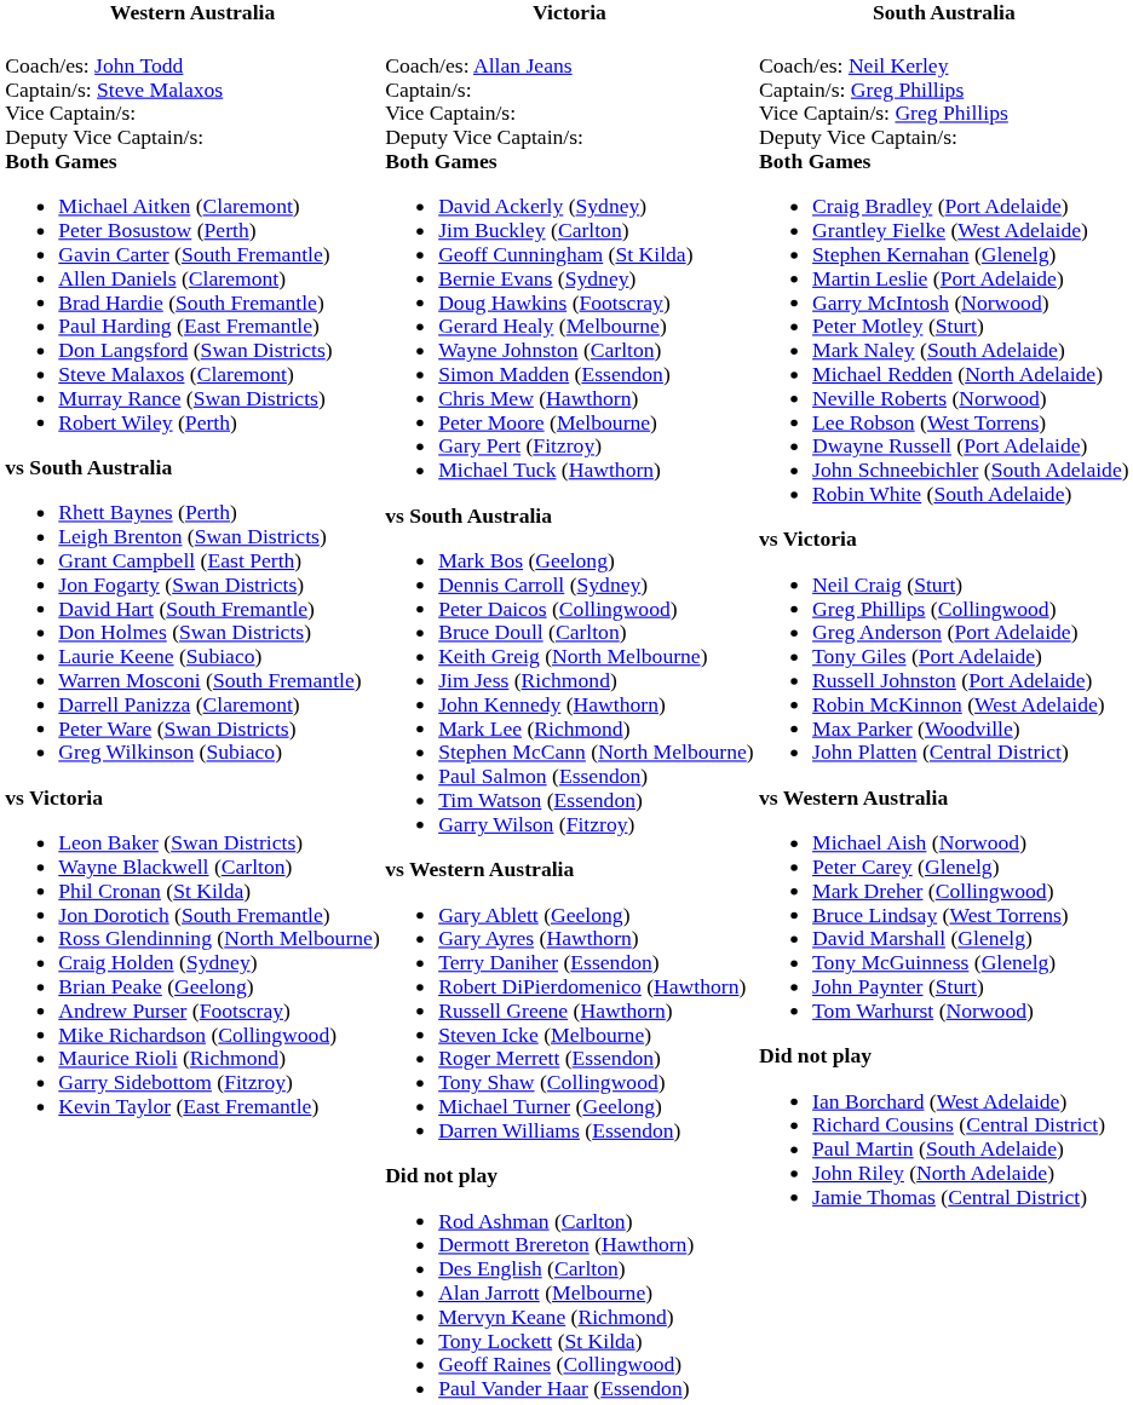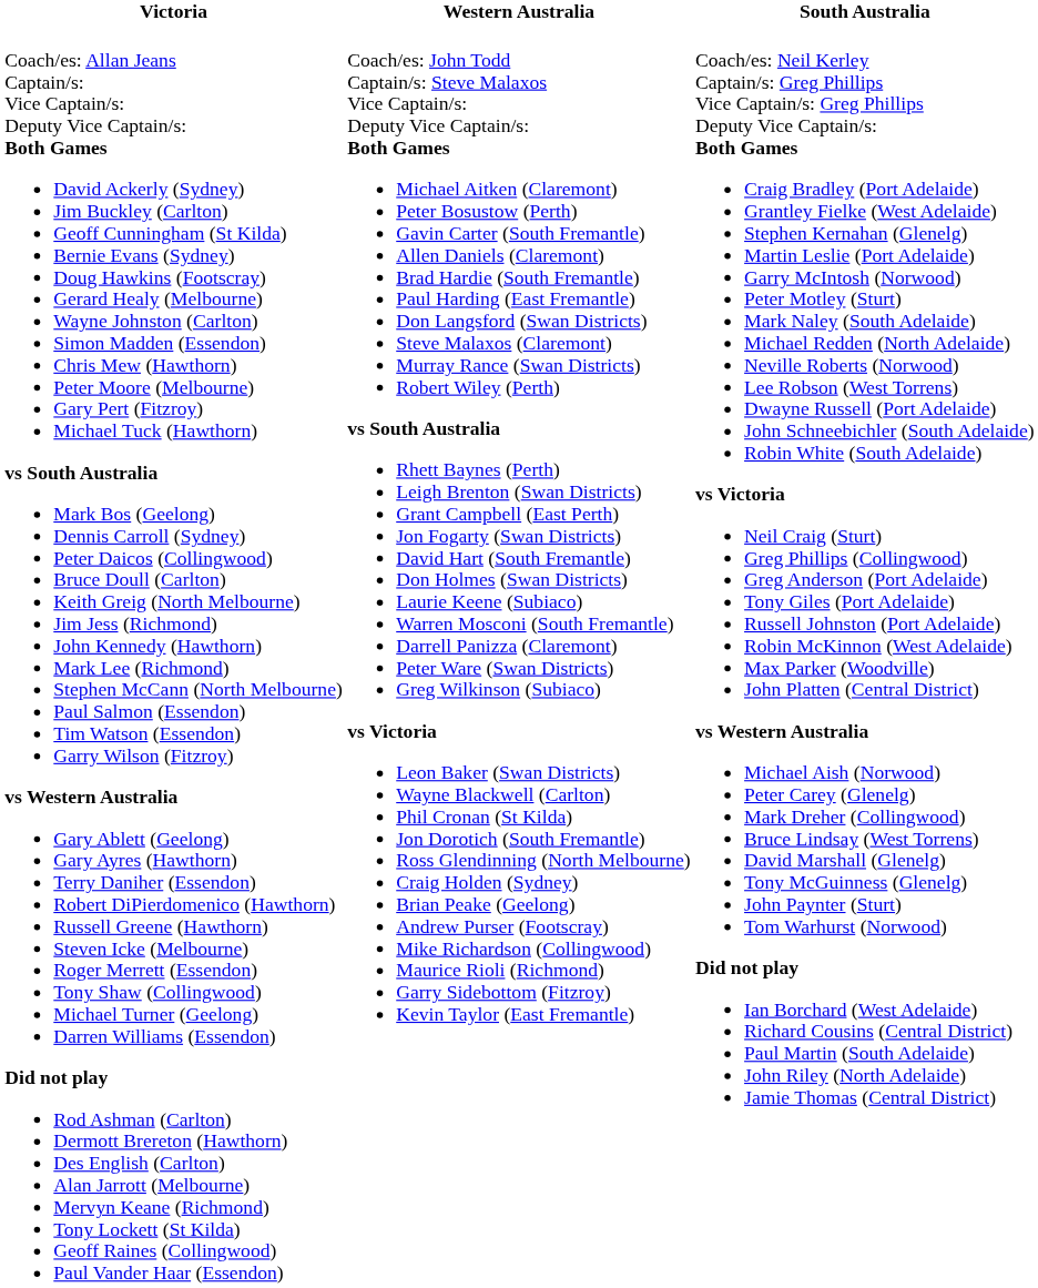 <table>
 <tr>
+<th><span>Victoria </span></th>
 <th><span>Western Australia </span></th>
-<th><span>Victoria </span></th>
 <th><span>South Australia </span></th>
 </tr>
 <tr valign="top">
+<td><br>Coach/es: <a href='#'>Allan Jeans</a> <br> Captain/s: <br> Vice Captain/s: <br> Deputy Vice Captain/s: <br> <strong>Both Games</strong><ul><li><a href='#'>David Ackerly</a> (<a href='#'>Sydney</a>)</li><li><a href='#'>Jim Buckley</a> (<a href='#'>Carlton</a>)</li><li><a href='#'>Geoff Cunningham</a> (<a href='#'>St Kilda</a>)</li><li><a href='#'>Bernie Evans</a> (<a href='#'>Sydney</a>)</li><li><a href='#'>Doug Hawkins</a> (<a href='#'>Footscray</a>)</li><li><a href='#'>Gerard Healy</a> (<a href='#'>Melbourne</a>)</li><li><a href='#'>Wayne Johnston</a> (<a href='#'>Carlton</a>)</li><li><a href='#'>Simon Madden</a> (<a href='#'>Essendon</a>)</li><li><a href='#'>Chris Mew</a> (<a href='#'>Hawthorn</a>)</li><li><a href='#'>Peter Moore</a> (<a href='#'>Melbourne</a>)</li><li><a href='#'>Gary Pert</a> (<a href='#'>Fitzroy</a>)</li><li><a href='#'>Michael Tuck</a> (<a href='#'>Hawthorn</a>)</li></ul><strong>vs South Australia</strong><ul><li><a href='#'>Mark Bos</a> (<a href='#'>Geelong</a>)</li><li><a href='#'>Dennis Carroll</a> (<a href='#'>Sydney</a>)</li><li><a href='#'>Peter Daicos</a> (<a href='#'>Collingwood</a>)</li><li><a href='#'>Bruce Doull</a> (<a href='#'>Carlton</a>)</li><li><a href='#'>Keith Greig</a> (<a href='#'>North Melbourne</a>)</li><li><a href='#'>Jim Jess</a> (<a href='#'>Richmond</a>)</li><li><a href='#'>John Kennedy</a> (<a href='#'>Hawthorn</a>)</li><li><a href='#'>Mark Lee</a> (<a href='#'>Richmond</a>)</li><li><a href='#'>Stephen McCann</a> (<a href='#'>North Melbourne</a>)</li><li><a href='#'>Paul Salmon</a> (<a href='#'>Essendon</a>)</li><li><a href='#'>Tim Watson</a> (<a href='#'>Essendon</a>)</li><li><a href='#'>Garry Wilson</a> (<a href='#'>Fitzroy</a>)</li></ul><strong>vs Western Australia</strong><ul><li><a href='#'>Gary Ablett</a> (<a href='#'>Geelong</a>)</li><li><a href='#'>Gary Ayres</a> (<a href='#'>Hawthorn</a>)</li><li><a href='#'>Terry Daniher</a> (<a href='#'>Essendon</a>)</li><li><a href='#'>Robert DiPierdomenico</a> (<a href='#'>Hawthorn</a>)</li><li><a href='#'>Russell Greene</a> (<a href='#'>Hawthorn</a>)</li><li><a href='#'>Steven Icke</a> (<a href='#'>Melbourne</a>)</li><li><a href='#'>Roger Merrett</a> (<a href='#'>Essendon</a>)</li><li><a href='#'>Tony Shaw</a> (<a href='#'>Collingwood</a>)</li><li><a href='#'>Michael Turner</a> (<a href='#'>Geelong</a>)</li><li><a href='#'>Darren Williams</a> (<a href='#'>Essendon</a>)</li></ul><strong>Did not play</strong><ul><li><a href='#'>Rod Ashman</a> (<a href='#'>Carlton</a>)</li><li><a href='#'>Dermott Brereton</a> (<a href='#'>Hawthorn</a>)</li><li><a href='#'>Des English</a> (<a href='#'>Carlton</a>)</li><li><a href='#'>Alan Jarrott</a> (<a href='#'>Melbourne</a>)</li><li><a href='#'>Mervyn Keane</a> (<a href='#'>Richmond</a>)</li><li><a href='#'>Tony Lockett</a> (<a href='#'>St Kilda</a>)</li><li><a href='#'>Geoff Raines</a> (<a href='#'>Collingwood</a>)</li><li><a href='#'>Paul Vander Haar</a> (<a href='#'>Essendon</a>)</li></ul></td>
 <td><br>Coach/es: <a href='#'>John Todd</a><br> Captain/s: <a href='#'>Steve Malaxos</a><br> Vice Captain/s:<br> Deputy Vice Captain/s:<br>  <strong>Both Games</strong><ul><li><a href='#'>Michael Aitken</a> (<a href='#'>Claremont</a>)</li><li><a href='#'>Peter Bosustow</a> (<a href='#'>Perth</a>)</li><li><a href='#'>Gavin Carter</a> (<a href='#'>South Fremantle</a>)</li><li><a href='#'>Allen Daniels</a> (<a href='#'>Claremont</a>)</li><li><a href='#'>Brad Hardie</a> (<a href='#'>South Fremantle</a>)</li><li><a href='#'>Paul Harding</a> (<a href='#'>East Fremantle</a>)</li><li><a href='#'>Don Langsford</a> (<a href='#'>Swan Districts</a>)</li><li><a href='#'>Steve Malaxos</a> (<a href='#'>Claremont</a>)</li><li><a href='#'>Murray Rance</a> (<a href='#'>Swan Districts</a>)</li><li><a href='#'>Robert Wiley</a> (<a href='#'>Perth</a>)</li></ul><strong>vs South Australia</strong><ul><li><a href='#'>Rhett Baynes</a> (<a href='#'>Perth</a>)</li><li><a href='#'>Leigh Brenton</a> (<a href='#'>Swan Districts</a>)</li><li><a href='#'>Grant Campbell</a> (<a href='#'>East Perth</a>)</li><li><a href='#'>Jon Fogarty</a> (<a href='#'>Swan Districts</a>)</li><li><a href='#'>David Hart</a> (<a href='#'>South Fremantle</a>)</li><li><a href='#'>Don Holmes</a> (<a href='#'>Swan Districts</a>)</li><li><a href='#'>Laurie Keene</a> (<a href='#'>Subiaco</a>)</li><li><a href='#'>Warren Mosconi</a> (<a href='#'>South Fremantle</a>)</li><li><a href='#'>Darrell Panizza</a> (<a href='#'>Claremont</a>)</li><li><a href='#'>Peter Ware</a> (<a href='#'>Swan Districts</a>)</li><li><a href='#'>Greg Wilkinson</a> (<a href='#'>Subiaco</a>)</li></ul><strong>vs Victoria</strong><ul><li><a href='#'>Leon Baker</a> (<a href='#'>Swan Districts</a>)</li><li><a href='#'>Wayne Blackwell</a> (<a href='#'>Carlton</a>)</li><li><a href='#'>Phil Cronan</a> (<a href='#'>St Kilda</a>)</li><li><a href='#'>Jon Dorotich</a> (<a href='#'>South Fremantle</a>)</li><li><a href='#'>Ross Glendinning</a> (<a href='#'>North Melbourne</a>)</li><li><a href='#'>Craig Holden</a> (<a href='#'>Sydney</a>)</li><li><a href='#'>Brian Peake</a> (<a href='#'>Geelong</a>)</li><li><a href='#'>Andrew Purser</a> (<a href='#'>Footscray</a>)</li><li><a href='#'>Mike Richardson</a> (<a href='#'>Collingwood</a>)</li><li><a href='#'>Maurice Rioli</a> (<a href='#'>Richmond</a>)</li><li><a href='#'>Garry Sidebottom</a> (<a href='#'>Fitzroy</a>)</li><li><a href='#'>Kevin Taylor</a> (<a href='#'>East Fremantle</a>)</li></ul></td>
-<td><br>Coach/es: <a href='#'>Allan Jeans</a> <br> Captain/s: <br> Vice Captain/s: <br> Deputy Vice Captain/s: <br> <strong>Both Games</strong><ul><li><a href='#'>David Ackerly</a> (<a href='#'>Sydney</a>)</li><li><a href='#'>Jim Buckley</a> (<a href='#'>Carlton</a>)</li><li><a href='#'>Geoff Cunningham</a> (<a href='#'>St Kilda</a>)</li><li><a href='#'>Bernie Evans</a> (<a href='#'>Sydney</a>)</li><li><a href='#'>Doug Hawkins</a> (<a href='#'>Footscray</a>)</li><li><a href='#'>Gerard Healy</a> (<a href='#'>Melbourne</a>)</li><li><a href='#'>Wayne Johnston</a> (<a href='#'>Carlton</a>)</li><li><a href='#'>Simon Madden</a> (<a href='#'>Essendon</a>)</li><li><a href='#'>Chris Mew</a> (<a href='#'>Hawthorn</a>)</li><li><a href='#'>Peter Moore</a> (<a href='#'>Melbourne</a>)</li><li><a href='#'>Gary Pert</a> (<a href='#'>Fitzroy</a>)</li><li><a href='#'>Michael Tuck</a> (<a href='#'>Hawthorn</a>)</li></ul><strong>vs South Australia</strong><ul><li><a href='#'>Mark Bos</a> (<a href='#'>Geelong</a>)</li><li><a href='#'>Dennis Carroll</a> (<a href='#'>Sydney</a>)</li><li><a href='#'>Peter Daicos</a> (<a href='#'>Collingwood</a>)</li><li><a href='#'>Bruce Doull</a> (<a href='#'>Carlton</a>)</li><li><a href='#'>Keith Greig</a> (<a href='#'>North Melbourne</a>)</li><li><a href='#'>Jim Jess</a> (<a href='#'>Richmond</a>)</li><li><a href='#'>John Kennedy</a> (<a href='#'>Hawthorn</a>)</li><li><a href='#'>Mark Lee</a> (<a href='#'>Richmond</a>)</li><li><a href='#'>Stephen McCann</a> (<a href='#'>North Melbourne</a>)</li><li><a href='#'>Paul Salmon</a> (<a href='#'>Essendon</a>)</li><li><a href='#'>Tim Watson</a> (<a href='#'>Essendon</a>)</li><li><a href='#'>Garry Wilson</a> (<a href='#'>Fitzroy</a>)</li></ul><strong>vs Western Australia</strong><ul><li><a href='#'>Gary Ablett</a> (<a href='#'>Geelong</a>)</li><li><a href='#'>Gary Ayres</a> (<a href='#'>Hawthorn</a>)</li><li><a href='#'>Terry Daniher</a> (<a href='#'>Essendon</a>)</li><li><a href='#'>Robert DiPierdomenico</a> (<a href='#'>Hawthorn</a>)</li><li><a href='#'>Russell Greene</a> (<a href='#'>Hawthorn</a>)</li><li><a href='#'>Steven Icke</a> (<a href='#'>Melbourne</a>)</li><li><a href='#'>Roger Merrett</a> (<a href='#'>Essendon</a>)</li><li><a href='#'>Tony Shaw</a> (<a href='#'>Collingwood</a>)</li><li><a href='#'>Michael Turner</a> (<a href='#'>Geelong</a>)</li><li><a href='#'>Darren Williams</a> (<a href='#'>Essendon</a>)</li></ul><strong>Did not play</strong><ul><li><a href='#'>Rod Ashman</a> (<a href='#'>Carlton</a>)</li><li><a href='#'>Dermott Brereton</a> (<a href='#'>Hawthorn</a>)</li><li><a href='#'>Des English</a> (<a href='#'>Carlton</a>)</li><li><a href='#'>Alan Jarrott</a> (<a href='#'>Melbourne</a>)</li><li><a href='#'>Mervyn Keane</a> (<a href='#'>Richmond</a>)</li><li><a href='#'>Tony Lockett</a> (<a href='#'>St Kilda</a>)</li><li><a href='#'>Geoff Raines</a> (<a href='#'>Collingwood</a>)</li><li><a href='#'>Paul Vander Haar</a> (<a href='#'>Essendon</a>)</li></ul></td>
 <td><br>Coach/es: <a href='#'>Neil Kerley</a> <br> Captain/s: <a href='#'>Greg Phillips</a> <br> Vice Captain/s: <a href='#'>Greg Phillips</a> <br> Deputy Vice Captain/s: <br> <strong>Both Games</strong><ul><li><a href='#'>Craig Bradley</a> (<a href='#'>Port Adelaide</a>)</li><li><a href='#'>Grantley Fielke</a> (<a href='#'>West Adelaide</a>)</li><li><a href='#'>Stephen Kernahan</a> (<a href='#'>Glenelg</a>)</li><li><a href='#'>Martin Leslie</a> (<a href='#'>Port Adelaide</a>)</li><li><a href='#'>Garry McIntosh</a> (<a href='#'>Norwood</a>)</li><li><a href='#'>Peter Motley</a> (<a href='#'>Sturt</a>)</li><li><a href='#'>Mark Naley</a> (<a href='#'>South Adelaide</a>)</li><li><a href='#'>Michael Redden</a> (<a href='#'>North Adelaide</a>)</li><li><a href='#'>Neville Roberts</a> (<a href='#'>Norwood</a>)</li><li><a href='#'>Lee Robson</a> (<a href='#'>West Torrens</a>)</li><li><a href='#'>Dwayne Russell</a> (<a href='#'>Port Adelaide</a>)</li><li><a href='#'>John Schneebichler</a> (<a href='#'>South Adelaide</a>)</li><li><a href='#'>Robin White</a> (<a href='#'>South Adelaide</a>)</li></ul><strong>vs Victoria</strong><ul><li><a href='#'>Neil Craig</a> (<a href='#'>Sturt</a>)</li><li><a href='#'>Greg Phillips</a> (<a href='#'>Collingwood</a>)</li><li><a href='#'>Greg Anderson</a> (<a href='#'>Port Adelaide</a>)</li><li><a href='#'>Tony Giles</a> (<a href='#'>Port Adelaide</a>)</li><li><a href='#'>Russell Johnston</a> (<a href='#'>Port Adelaide</a>)</li><li><a href='#'>Robin McKinnon</a> (<a href='#'>West Adelaide</a>)</li><li><a href='#'>Max Parker</a> (<a href='#'>Woodville</a>)</li><li><a href='#'>John Platten</a> (<a href='#'>Central District</a>)</li></ul><strong>vs Western Australia</strong><ul><li><a href='#'>Michael Aish</a> (<a href='#'>Norwood</a>)</li><li><a href='#'>Peter Carey</a> (<a href='#'>Glenelg</a>)</li><li><a href='#'>Mark Dreher</a> (<a href='#'>Collingwood</a>)</li><li><a href='#'>Bruce Lindsay</a> (<a href='#'>West Torrens</a>)</li><li><a href='#'>David Marshall</a> (<a href='#'>Glenelg</a>)</li><li><a href='#'>Tony McGuinness</a> (<a href='#'>Glenelg</a>)</li><li><a href='#'>John Paynter</a> (<a href='#'>Sturt</a>)</li><li><a href='#'>Tom Warhurst</a> (<a href='#'>Norwood</a>)</li></ul><strong>Did not play</strong><ul><li><a href='#'>Ian Borchard</a> (<a href='#'>West Adelaide</a>)</li><li><a href='#'>Richard Cousins</a> (<a href='#'>Central District</a>)</li><li><a href='#'>Paul Martin</a> (<a href='#'>South Adelaide</a>)</li><li><a href='#'>John Riley</a> (<a href='#'>North Adelaide</a>)</li><li><a href='#'>Jamie Thomas</a> (<a href='#'>Central District</a>)</li></ul></td>
 </tr>
 </table>
